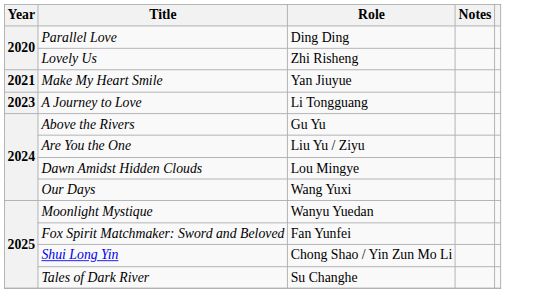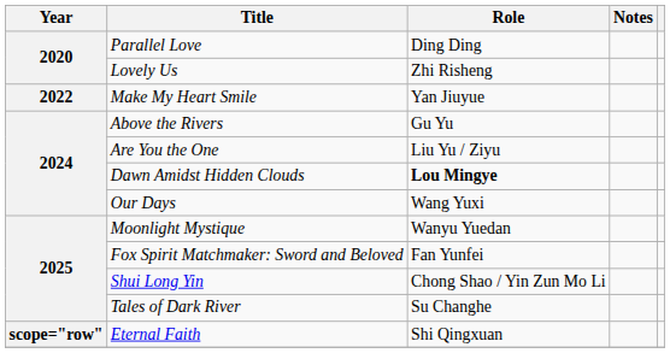 <table class="wikitable sortable plainrowheaders">
 <tr>
 <th scope="col">Year</th>
 <th scope="col">Title</th>
 <th scope="col">Role</th>
 <th scope="col">Notes</th>
 <th scope="col" class="unsortable"></th>
 </tr>
 <tr>
 <th scope="row" rowspan="2">2020</th>
 <td><em>Parallel Love</em></td>
 <td>Ding Ding</td>
 <td></td>
 <td></td>
 </tr>
 <tr>
 <td><em>Lovely Us</em></td>
 <td>Zhi Risheng</td>
 <td></td>
 <td></td>
 </tr>
 <tr>
-<th scope="row">2021</th>
+<th scope="row">2022</th>
 <td><em>Make My Heart Smile</em></td>
 <td>Yan Jiuyue</td>
-<td></td>
-<td></td>
-</tr>
-<tr>
-<th scope="row">2023</th>
-<td><em>A Journey to Love</em></td>
-<td>Li Tongguang</td>
 <td></td>
 <td></td>
 </tr>
 <tr>
 <th scope="row" rowspan="4">2024</th>
 <td><em>Above the Rivers</em></td>
 <td>Gu Yu</td>
 <td></td>
 <td></td>
 </tr>
 <tr>
 <td><em>Are You the One</em></td>
 <td>Liu Yu / Ziyu</td>
 <td></td>
 <td></td>
 </tr>
 <tr>
 <td><em>Dawn Amidst Hidden Clouds</em></td>
-<td>Lou Mingye</td>
+<td><strong>Lou Mingye</strong></td>
 <td></td>
 <td></td>
 </tr>
 <tr>
 <td><em>Our Days</em></td>
 <td>Wang Yuxi</td>
 <td></td>
 <td></td>
 </tr>
 <tr>
 <th scope="row" rowspan="4">2025</th>
 <td><em>Moonlight Mystique</em></td>
 <td>Wanyu Yuedan</td>
 <td></td>
 <td></td>
 </tr>
 <tr>
 <td><em>Fox Spirit Matchmaker: Sword and Beloved</em></td>
 <td>Fan Yunfei</td>
 <td></td>
 <td></td>
 </tr>
 <tr>
 <td><em><a href='#'>Shui Long Yin</a></em></td>
 <td>Chong Shao / Yin Zun Mo Li</td>
 <td></td>
 <td></td>
 </tr>
 <tr>
 <td><em>Tales of Dark River</em></td>
 <td>Su Changhe</td>
 <td></td>
 <td></td>
 </tr>
 <tr>
+<th>scope="row" </th>
+<td><em><a href='#'>Eternal Faith</a></em></td>
+<td>Shi Qingxuan</td>
+<td></td>
+<td></td>
+</tr>
+<tr>
 </tr>
 </table>
